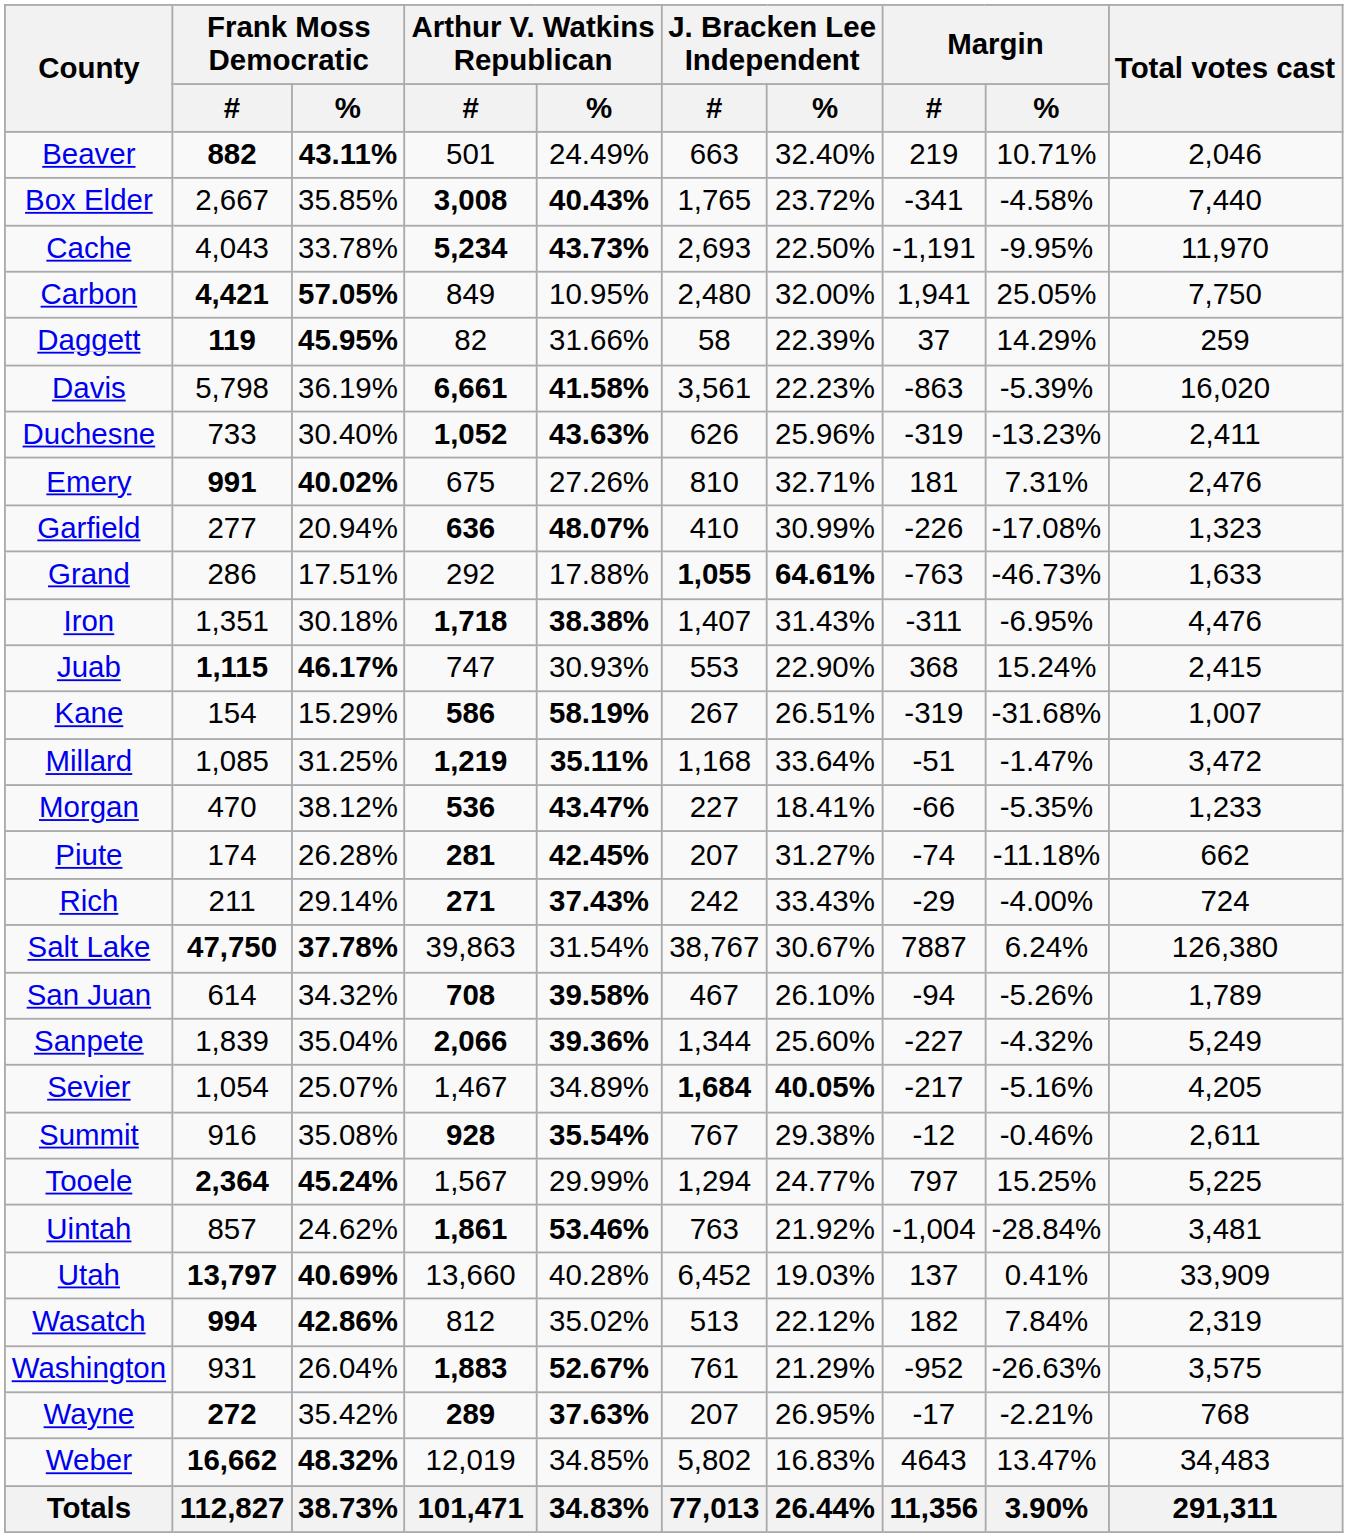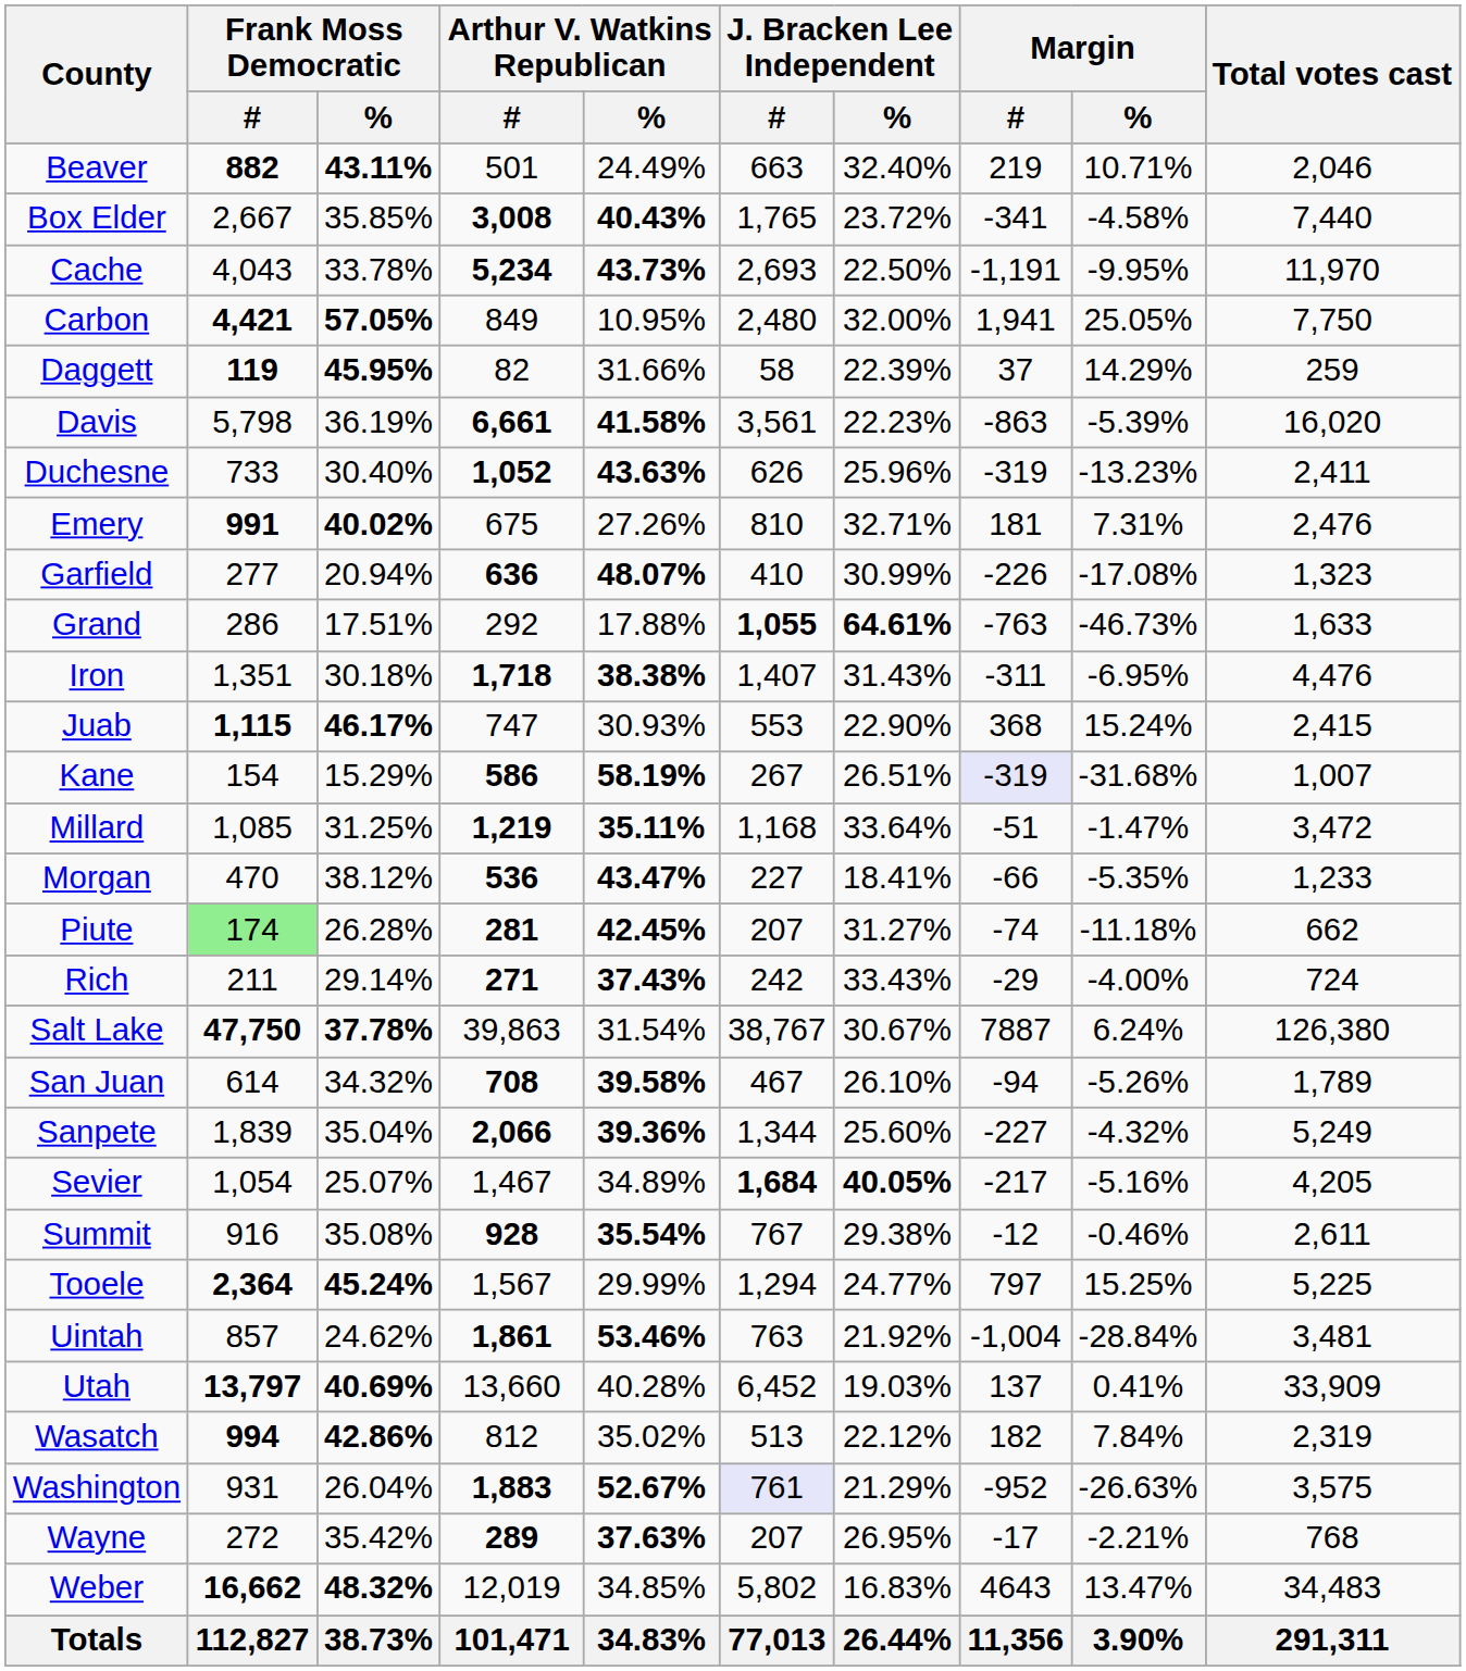 <table class="wikitable sortable">
 <tr>
 <th rowspan="2">County</th>
 <th colspan="2">Frank Moss<br>Democratic</th>
 <th colspan="2">Arthur V. Watkins<br>Republican</th>
 <th colspan="2">J. Bracken Lee<br>Independent</th>
 <th colspan="2">Margin</th>
 <th rowspan="2">Total votes cast</th>
 </tr>
 <tr>
 <th style="text-align:center;" data-sort-type="number">#</th>
 <th style="text-align:center;" data-sort-type="number">%</th>
 <th style="text-align:center;" data-sort-type="number">#</th>
 <th style="text-align:center;" data-sort-type="number">%</th>
 <th style="text-align:center;" data-sort-type="number">#</th>
 <th style="text-align:center;" data-sort-type="number">%</th>
 <th style="text-align:center;" data-sort-type="number">#</th>
 <th style="text-align:center;" data-sort-type="number">%</th>
 </tr>
 <tr style="text-align:center;">
 <td><a href='#'>Beaver</a></td>
 <td><strong>882</strong></td>
 <td><strong>43.11%</strong></td>
 <td>501</td>
 <td>24.49%</td>
 <td>663</td>
 <td>32.40%</td>
 <td>219</td>
 <td>10.71%</td>
 <td>2,046</td>
 </tr>
 <tr style="text-align:center;">
 <td><a href='#'>Box Elder</a></td>
 <td>2,667</td>
 <td>35.85%</td>
 <td><strong>3,008</strong></td>
 <td><strong>40.43%</strong></td>
 <td>1,765</td>
 <td>23.72%</td>
 <td>-341</td>
 <td>-4.58%</td>
 <td>7,440</td>
 </tr>
 <tr style="text-align:center;">
 <td><a href='#'>Cache</a></td>
 <td>4,043</td>
 <td>33.78%</td>
 <td><strong>5,234</strong></td>
 <td><strong>43.73%</strong></td>
 <td>2,693</td>
 <td>22.50%</td>
 <td>-1,191</td>
 <td>-9.95%</td>
 <td>11,970</td>
 </tr>
 <tr style="text-align:center;">
 <td><a href='#'>Carbon</a></td>
 <td><strong>4,421</strong></td>
 <td><strong>57.05%</strong></td>
 <td>849</td>
 <td>10.95%</td>
 <td>2,480</td>
 <td>32.00%</td>
 <td>1,941</td>
 <td>25.05%</td>
 <td>7,750</td>
 </tr>
 <tr style="text-align:center;">
 <td><a href='#'>Daggett</a></td>
 <td><strong>119</strong></td>
 <td><strong>45.95%</strong></td>
 <td>82</td>
 <td>31.66%</td>
 <td>58</td>
 <td>22.39%</td>
 <td>37</td>
 <td>14.29%</td>
 <td>259</td>
 </tr>
 <tr style="text-align:center;">
 <td><a href='#'>Davis</a></td>
 <td>5,798</td>
 <td>36.19%</td>
 <td><strong>6,661</strong></td>
 <td><strong>41.58%</strong></td>
 <td>3,561</td>
 <td>22.23%</td>
 <td>-863</td>
 <td>-5.39%</td>
 <td>16,020</td>
 </tr>
 <tr style="text-align:center;">
 <td><a href='#'>Duchesne</a></td>
 <td>733</td>
 <td>30.40%</td>
 <td><strong>1,052</strong></td>
 <td><strong>43.63%</strong></td>
 <td>626</td>
 <td>25.96%</td>
 <td>-319</td>
 <td>-13.23%</td>
 <td>2,411</td>
 </tr>
 <tr style="text-align:center;">
 <td><a href='#'>Emery</a></td>
 <td><strong>991</strong></td>
 <td><strong>40.02%</strong></td>
 <td>675</td>
 <td>27.26%</td>
 <td>810</td>
 <td>32.71%</td>
 <td>181</td>
 <td>7.31%</td>
 <td>2,476</td>
 </tr>
 <tr style="text-align:center;">
 <td><a href='#'>Garfield</a></td>
 <td>277</td>
 <td>20.94%</td>
 <td><strong>636</strong></td>
 <td><strong>48.07%</strong></td>
 <td>410</td>
 <td>30.99%</td>
 <td>-226</td>
 <td>-17.08%</td>
 <td>1,323</td>
 </tr>
 <tr style="text-align:center;">
 <td><a href='#'>Grand</a></td>
 <td>286</td>
 <td>17.51%</td>
 <td>292</td>
 <td>17.88%</td>
 <td><strong>1,055</strong></td>
 <td><strong>64.61%</strong></td>
 <td>-763</td>
 <td>-46.73%</td>
 <td>1,633</td>
 </tr>
 <tr style="text-align:center;">
 <td><a href='#'>Iron</a></td>
 <td>1,351</td>
 <td>30.18%</td>
 <td><strong>1,718</strong></td>
 <td><strong>38.38%</strong></td>
 <td>1,407</td>
 <td>31.43%</td>
 <td>-311</td>
 <td>-6.95%</td>
 <td>4,476</td>
 </tr>
 <tr style="text-align:center;">
 <td><a href='#'>Juab</a></td>
 <td><strong>1,115</strong></td>
 <td><strong>46.17%</strong></td>
 <td>747</td>
 <td>30.93%</td>
 <td>553</td>
 <td>22.90%</td>
 <td>368</td>
 <td>15.24%</td>
 <td>2,415</td>
 </tr>
 <tr style="text-align:center;">
 <td><a href='#'>Kane</a></td>
 <td>154</td>
 <td>15.29%</td>
 <td><strong>586</strong></td>
 <td><strong>58.19%</strong></td>
 <td>267</td>
 <td>26.51%</td>
-<td>-319</td>
+<td style="background: lavender;">-319</td>
 <td>-31.68%</td>
 <td>1,007</td>
 </tr>
 <tr style="text-align:center;">
 <td><a href='#'>Millard</a></td>
 <td>1,085</td>
 <td>31.25%</td>
 <td><strong>1,219</strong></td>
 <td><strong>35.11%</strong></td>
 <td>1,168</td>
 <td>33.64%</td>
 <td>-51</td>
 <td>-1.47%</td>
 <td>3,472</td>
 </tr>
 <tr style="text-align:center;">
 <td><a href='#'>Morgan</a></td>
 <td>470</td>
 <td>38.12%</td>
 <td><strong>536</strong></td>
 <td><strong>43.47%</strong></td>
 <td>227</td>
 <td>18.41%</td>
 <td>-66</td>
 <td>-5.35%</td>
 <td>1,233</td>
 </tr>
 <tr style="text-align:center;">
 <td><a href='#'>Piute</a></td>
-<td>174</td>
+<td style="background: lightgreen;">174</td>
 <td>26.28%</td>
 <td><strong>281</strong></td>
 <td><strong>42.45%</strong></td>
 <td>207</td>
 <td>31.27%</td>
 <td>-74</td>
 <td>-11.18%</td>
 <td>662</td>
 </tr>
 <tr style="text-align:center;">
 <td><a href='#'>Rich</a></td>
 <td>211</td>
 <td>29.14%</td>
 <td><strong>271</strong></td>
 <td><strong>37.43%</strong></td>
 <td>242</td>
 <td>33.43%</td>
 <td>-29</td>
 <td>-4.00%</td>
 <td>724</td>
 </tr>
 <tr style="text-align:center;">
 <td><a href='#'>Salt Lake</a></td>
 <td><strong>47,750</strong></td>
 <td><strong>37.78%</strong></td>
 <td>39,863</td>
 <td>31.54%</td>
 <td>38,767</td>
 <td>30.67%</td>
 <td>7887</td>
 <td>6.24%</td>
 <td>126,380</td>
 </tr>
 <tr style="text-align:center;">
 <td><a href='#'>San Juan</a></td>
 <td>614</td>
 <td>34.32%</td>
 <td><strong>708</strong></td>
 <td><strong>39.58%</strong></td>
 <td>467</td>
 <td>26.10%</td>
 <td>-94</td>
 <td>-5.26%</td>
 <td>1,789</td>
 </tr>
 <tr style="text-align:center;">
 <td><a href='#'>Sanpete</a></td>
 <td>1,839</td>
 <td>35.04%</td>
 <td><strong>2,066</strong></td>
 <td><strong>39.36%</strong></td>
 <td>1,344</td>
 <td>25.60%</td>
 <td>-227</td>
 <td>-4.32%</td>
 <td>5,249</td>
 </tr>
 <tr style="text-align:center;">
 <td><a href='#'>Sevier</a></td>
 <td>1,054</td>
 <td>25.07%</td>
 <td>1,467</td>
 <td>34.89%</td>
 <td><strong>1,684</strong></td>
 <td><strong>40.05%</strong></td>
 <td>-217</td>
 <td>-5.16%</td>
 <td>4,205</td>
 </tr>
 <tr style="text-align:center;">
 <td><a href='#'>Summit</a></td>
 <td>916</td>
 <td>35.08%</td>
 <td><strong>928</strong></td>
 <td><strong>35.54%</strong></td>
 <td>767</td>
 <td>29.38%</td>
 <td>-12</td>
 <td>-0.46%</td>
 <td>2,611</td>
 </tr>
 <tr style="text-align:center;">
 <td><a href='#'>Tooele</a></td>
 <td><strong>2,364</strong></td>
 <td><strong>45.24%</strong></td>
 <td>1,567</td>
 <td>29.99%</td>
 <td>1,294</td>
 <td>24.77%</td>
 <td>797</td>
 <td>15.25%</td>
 <td>5,225</td>
 </tr>
 <tr style="text-align:center;">
 <td><a href='#'>Uintah</a></td>
 <td>857</td>
 <td>24.62%</td>
 <td><strong>1,861</strong></td>
 <td><strong>53.46%</strong></td>
 <td>763</td>
 <td>21.92%</td>
 <td>-1,004</td>
 <td>-28.84%</td>
 <td>3,481</td>
 </tr>
 <tr style="text-align:center;">
 <td><a href='#'>Utah</a></td>
 <td><strong>13,797</strong></td>
 <td><strong>40.69%</strong></td>
 <td>13,660</td>
 <td>40.28%</td>
 <td>6,452</td>
 <td>19.03%</td>
 <td>137</td>
 <td>0.41%</td>
 <td>33,909</td>
 </tr>
 <tr style="text-align:center;">
 <td><a href='#'>Wasatch</a></td>
 <td><strong>994</strong></td>
 <td><strong>42.86%</strong></td>
 <td>812</td>
 <td>35.02%</td>
 <td>513</td>
 <td>22.12%</td>
 <td>182</td>
 <td>7.84%</td>
 <td>2,319</td>
 </tr>
 <tr style="text-align:center;">
 <td><a href='#'>Washington</a></td>
 <td>931</td>
 <td>26.04%</td>
 <td><strong>1,883</strong></td>
 <td><strong>52.67%</strong></td>
-<td>761</td>
+<td style="background: lavender;">761</td>
 <td>21.29%</td>
 <td>-952</td>
 <td>-26.63%</td>
 <td>3,575</td>
 </tr>
 <tr style="text-align:center;">
 <td><a href='#'>Wayne</a></td>
-<td><strong>272</strong></td>
+<td>272</td>
 <td>35.42%</td>
 <td><strong>289</strong></td>
 <td><strong>37.63%</strong></td>
 <td>207</td>
 <td>26.95%</td>
 <td>-17</td>
 <td>-2.21%</td>
 <td>768</td>
 </tr>
 <tr style="text-align:center;">
 <td><a href='#'>Weber</a></td>
 <td><strong>16,662</strong></td>
 <td><strong>48.32%</strong></td>
 <td>12,019</td>
 <td>34.85%</td>
 <td>5,802</td>
 <td>16.83%</td>
 <td>4643</td>
 <td>13.47%</td>
 <td>34,483</td>
 </tr>
 <tr>
 <th>Totals</th>
 <th>112,827</th>
 <th>38.73%</th>
 <th>101,471</th>
 <th>34.83%</th>
 <th>77,013</th>
 <th>26.44%</th>
 <th>11,356</th>
 <th>3.90%</th>
 <th>291,311</th>
 </tr>
 </table>
